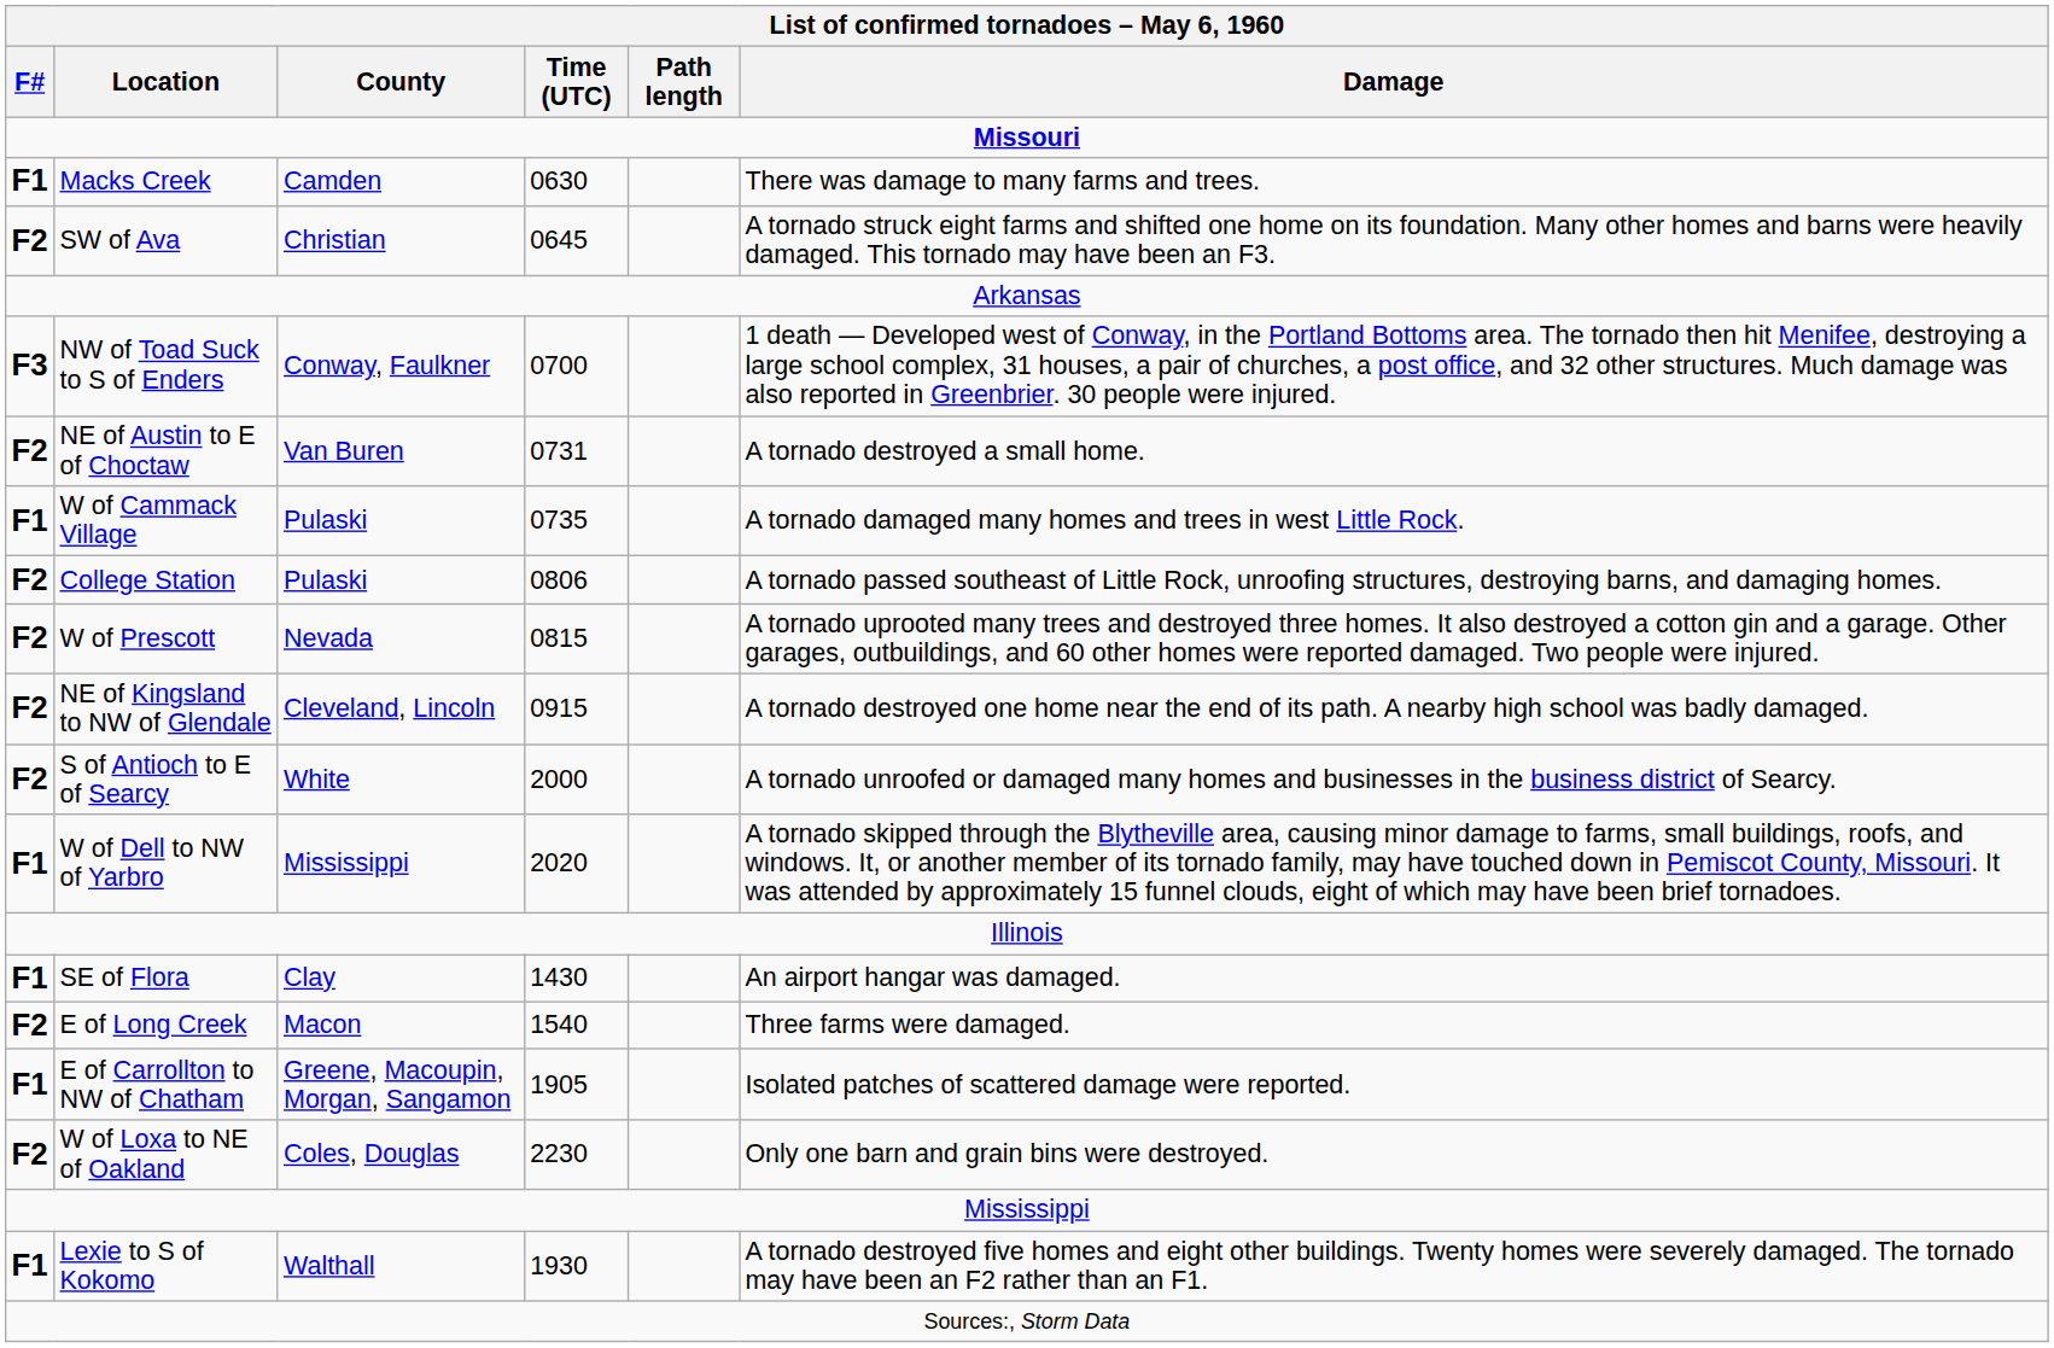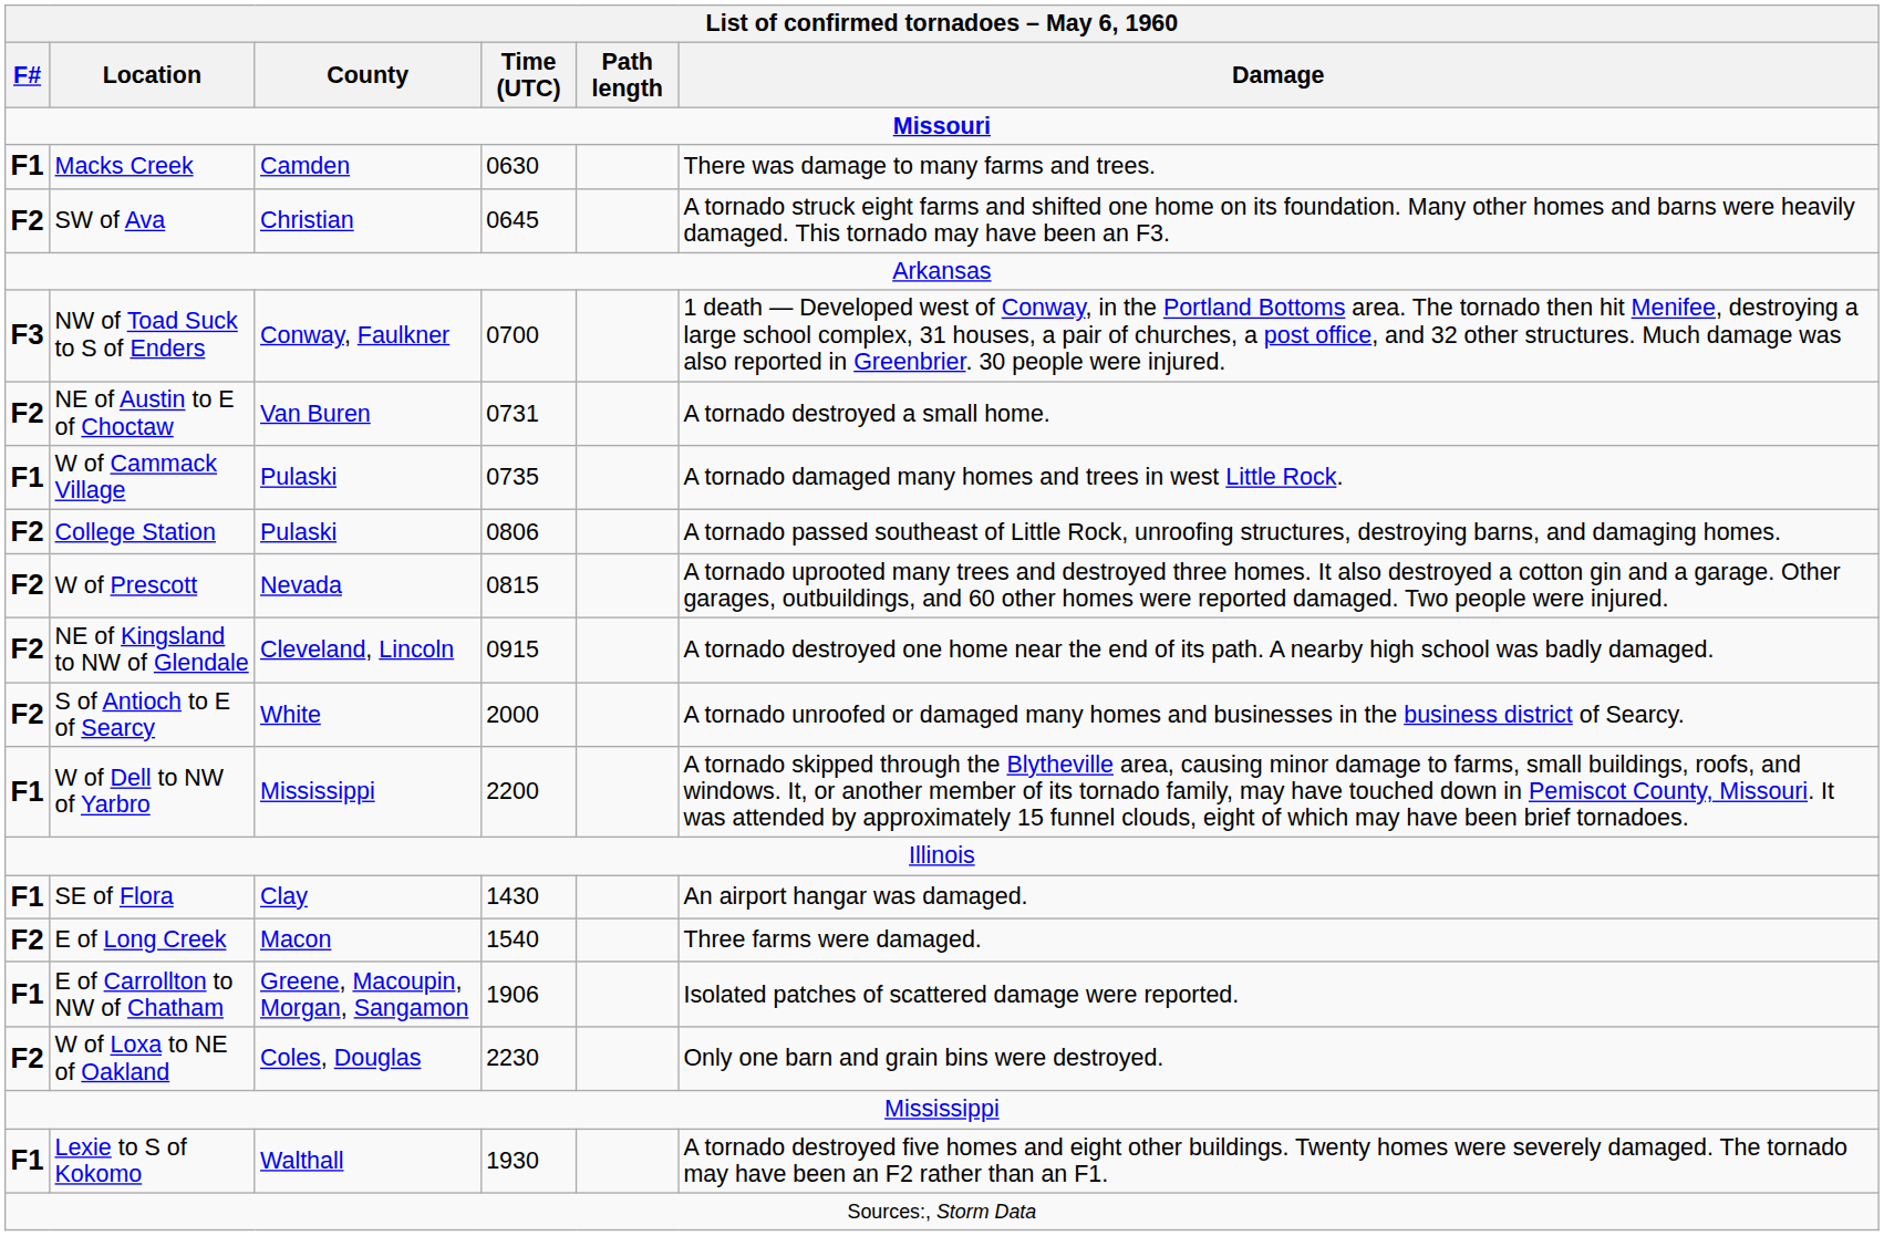 <table class="wikitable toccolours collapsible" width="100%">
 <tr>
 <th colspan="6">List of confirmed tornadoes – May 6, 1960</th>
 </tr>
 <tr>
 <th><a href='#'>F#</a></th>
 <th>Location</th>
 <th>County</th>
 <th>Time (UTC)</th>
 <th>Path length</th>
 <th>Damage</th>
 </tr>
 <tr>
 <td colspan="7" style="text-align:center;"><strong><a href='#'>Missouri</a></strong></td>
 </tr>
 <tr>
 <td><big><strong>F1</strong></big></td>
 <td><a href='#'>Macks Creek</a></td>
 <td><a href='#'>Camden</a></td>
 <td>0630</td>
 <td></td>
 <td>There was damage to many farms and trees.</td>
 </tr>
 <tr>
 <td><big><strong>F2</strong></big></td>
 <td>SW of <a href='#'>Ava</a></td>
 <td><a href='#'>Christian</a></td>
 <td>0645</td>
 <td></td>
 <td>A tornado struck eight farms and shifted one home on its foundation. Many other homes and barns were heavily damaged. This tornado may have been an F3.</td>
 </tr>
 <tr>
 <td colspan="7" style="text-align:center;"><a href='#'>Arkansas</a></td>
 </tr>
 <tr>
 <td><big><strong>F3</strong></big></td>
 <td>NW of <a href='#'>Toad Suck</a> to S of <a href='#'>Enders</a></td>
 <td><a href='#'>Conway</a>, <a href='#'>Faulkner</a></td>
 <td>0700</td>
 <td></td>
 <td>1 death — Developed west of <a href='#'>Conway</a>, in the <a href='#'>Portland Bottoms</a> area. The tornado then hit <a href='#'>Menifee</a>, destroying a large school complex, 31 houses, a pair of churches, a <a href='#'>post office</a>, and 32 other structures. Much damage was also reported in <a href='#'>Greenbrier</a>. 30 people were injured.</td>
 </tr>
 <tr>
 <td><big><strong>F2</strong></big></td>
 <td>NE of <a href='#'>Austin</a> to E of <a href='#'>Choctaw</a></td>
 <td><a href='#'>Van Buren</a></td>
 <td>0731</td>
 <td></td>
 <td>A tornado destroyed a small home.</td>
 </tr>
 <tr>
 <td><big><strong>F1</strong></big></td>
 <td>W of <a href='#'>Cammack Village</a></td>
 <td><a href='#'>Pulaski</a></td>
 <td>0735</td>
 <td></td>
 <td>A tornado damaged many homes and trees in west <a href='#'>Little Rock</a>.</td>
 </tr>
 <tr>
 <td><big><strong>F2</strong></big></td>
 <td><a href='#'>College Station</a></td>
 <td><a href='#'>Pulaski</a></td>
 <td>0806</td>
 <td></td>
 <td>A tornado passed  southeast of Little Rock, unroofing structures, destroying barns, and damaging homes.</td>
 </tr>
 <tr>
 <td><big><strong>F2</strong></big></td>
 <td>W of <a href='#'>Prescott</a></td>
 <td><a href='#'>Nevada</a></td>
 <td>0815</td>
 <td></td>
 <td>A tornado uprooted many trees and destroyed three homes. It also destroyed a cotton gin and a garage. Other garages, outbuildings, and 60 other homes were reported damaged. Two people were injured.</td>
 </tr>
 <tr>
 <td><big><strong>F2</strong></big></td>
 <td>NE of <a href='#'>Kingsland</a> to NW of <a href='#'>Glendale</a></td>
 <td><a href='#'>Cleveland</a>, <a href='#'>Lincoln</a></td>
 <td>0915</td>
 <td></td>
 <td>A tornado destroyed one home near the end of its path. A nearby high school was badly damaged.</td>
 </tr>
 <tr>
 <td><big><strong>F2</strong></big></td>
 <td>S of <a href='#'>Antioch</a> to E of <a href='#'>Searcy</a></td>
 <td><a href='#'>White</a></td>
 <td>2000</td>
 <td></td>
 <td>A tornado unroofed or damaged many homes and businesses in the <a href='#'>business district</a> of Searcy.</td>
 </tr>
 <tr>
 <td><big><strong>F1</strong></big></td>
 <td>W of <a href='#'>Dell</a> to NW of <a href='#'>Yarbro</a></td>
 <td><a href='#'>Mississippi</a></td>
-<td>2020</td>
+<td>2200</td>
 <td></td>
 <td>A tornado skipped through the <a href='#'>Blytheville</a> area, causing minor damage to farms, small buildings, roofs, and windows. It, or another member of its tornado family, may have touched down in <a href='#'>Pemiscot County, Missouri</a>. It was attended by approximately 15 funnel clouds, eight of which may have been brief tornadoes.</td>
 </tr>
 <tr>
 <td colspan="7" style="text-align:center;"><a href='#'>Illinois</a></td>
 </tr>
 <tr>
 <td><big><strong>F1</strong></big></td>
 <td>SE of <a href='#'>Flora</a></td>
 <td><a href='#'>Clay</a></td>
 <td>1430</td>
 <td></td>
 <td>An airport hangar was damaged.</td>
 </tr>
 <tr>
 <td><big><strong>F2</strong></big></td>
 <td>E of <a href='#'>Long Creek</a></td>
 <td><a href='#'>Macon</a></td>
 <td>1540</td>
 <td></td>
 <td>Three farms were damaged.</td>
 </tr>
 <tr>
 <td><big><strong>F1</strong></big></td>
 <td>E of <a href='#'>Carrollton</a> to NW of <a href='#'>Chatham</a></td>
 <td><a href='#'>Greene</a>, <a href='#'>Macoupin</a>, <a href='#'>Morgan</a>, <a href='#'>Sangamon</a></td>
-<td>1905</td>
+<td>1906</td>
 <td></td>
 <td>Isolated patches of scattered damage were reported.</td>
 </tr>
 <tr>
 <td><big><strong>F2</strong></big></td>
 <td>W of <a href='#'>Loxa</a> to NE of <a href='#'>Oakland</a></td>
 <td><a href='#'>Coles</a>, <a href='#'>Douglas</a></td>
 <td>2230</td>
 <td></td>
 <td>Only one barn and grain bins were destroyed.</td>
 </tr>
 <tr>
 <td colspan="7" style="text-align:center;"><a href='#'>Mississippi</a></td>
 </tr>
 <tr>
 <td><big><strong>F1</strong></big></td>
 <td><a href='#'>Lexie</a> to S of <a href='#'>Kokomo</a></td>
 <td><a href='#'>Walthall</a></td>
 <td>1930</td>
 <td></td>
 <td>A tornado destroyed five homes and eight other buildings. Twenty homes were severely damaged. The tornado may have been an F2 rather than an F1.</td>
 </tr>
 <tr>
 <td colspan="7" style="text-align:center;"><small>Sources:, <em>Storm Data</em></small></td>
 </tr>
 </table>
